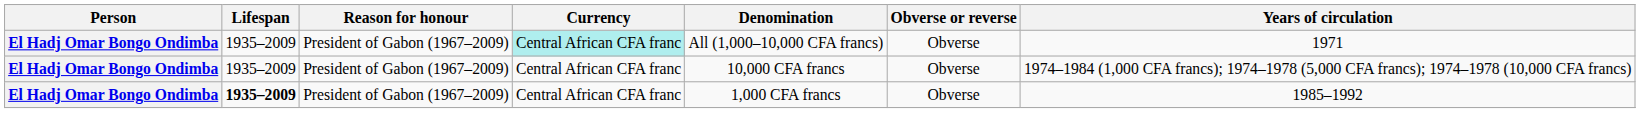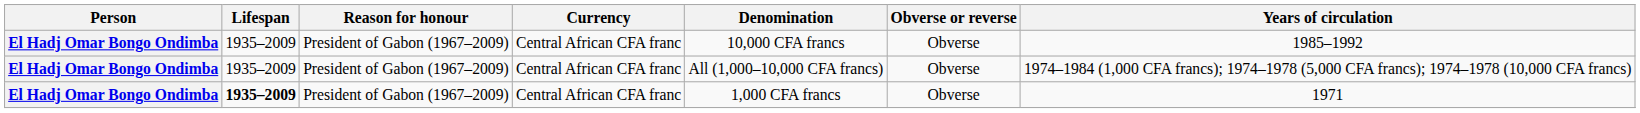 <table class="wikitable" style="font-size:95%; text-align:center;">
 <tr>
 <th>Person</th>
 <th>Lifespan</th>
 <th>Reason for honour</th>
 <th>Currency</th>
 <th>Denomination</th>
 <th>Obverse or reverse</th>
 <th>Years of circulation</th>
 </tr>
 <tr>
 <th><a href='#'>El Hadj Omar Bongo Ondimba</a></th>
 <td>1935–2009</td>
 <td>President of Gabon (1967–2009)</td>
-<td style="background: paleturquoise;">Central African CFA franc</td>
-<td>All (1,000–10,000 CFA francs)</td>
+<td>Central African CFA franc</td>
+<td>10,000 CFA francs</td>
 <td>Obverse</td>
-<td>1971</td>
+<td>1985–1992</td>
 </tr>
 <tr>
 <th><a href='#'>El Hadj Omar Bongo Ondimba</a></th>
 <td>1935–2009</td>
 <td>President of Gabon (1967–2009)</td>
 <td>Central African CFA franc</td>
-<td>10,000 CFA francs</td>
+<td>All (1,000–10,000 CFA francs)</td>
 <td>Obverse</td>
 <td>1974–1984 (1,000 CFA francs); 1974–1978 (5,000 CFA francs); 1974–1978 (10,000 CFA francs)</td>
 </tr>
 <tr>
 <th><a href='#'>El Hadj Omar Bongo Ondimba</a></th>
 <td><strong>1935–2009</strong></td>
 <td>President of Gabon (1967–2009)</td>
 <td>Central African CFA franc</td>
 <td>1,000 CFA francs</td>
 <td>Obverse</td>
-<td>1985–1992</td>
+<td>1971</td>
 </tr>
 <tr>
 </tr>
 </table>
